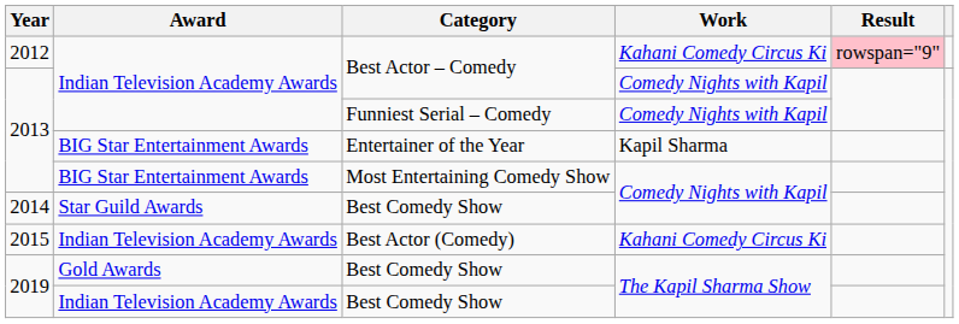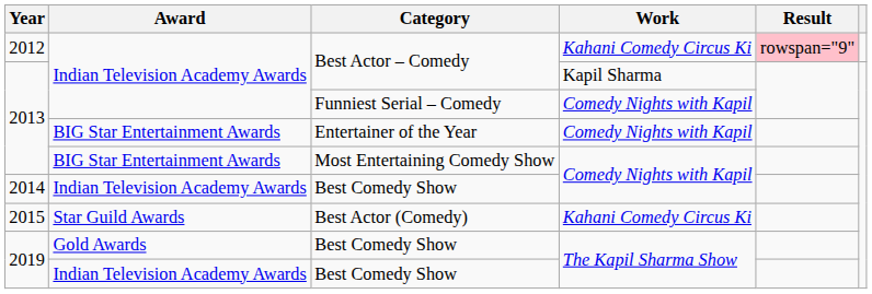 <table class="wikitable sortable">
 <tr>
 <th scope="col">Year</th>
 <th scope="col">Award</th>
 <th scope="col">Category</th>
 <th scope="col">Work</th>
 <th scope="col">Result</th>
 <th scope="col" class="unsortable"></th>
 </tr>
 <tr>
 <td>2012</td>
 <td rowspan="3"><a href='#'>Indian Television Academy Awards</a></td>
 <td rowspan="2">Best Actor – Comedy</td>
 <td><em><a href='#'>Kahani Comedy Circus Ki</a></em></td>
 <td style="background: pink;">rowspan="9" </td>
 <td></td>
 </tr>
 <tr>
 <td rowspan="4">2013</td>
-<td><em><a href='#'>Comedy Nights with Kapil</a></em></td>
+<td>Kapil Sharma</td>
 <td rowspan="2"></td>
 </tr>
 <tr>
 <td>Funniest Serial – Comedy</td>
 <td><em><a href='#'>Comedy Nights with Kapil</a></em></td>
 </tr>
 <tr>
 <td><a href='#'>BIG Star Entertainment Awards</a></td>
 <td>Entertainer of the Year</td>
-<td>Kapil Sharma</td>
+<td><em><a href='#'>Comedy Nights with Kapil</a></em></td>
 <td></td>
 </tr>
 <tr>
 <td><a href='#'>BIG Star Entertainment Awards</a></td>
 <td>Most Entertaining Comedy Show</td>
 <td rowspan="2"><em><a href='#'>Comedy Nights with Kapil</a></em></td>
 <td></td>
 </tr>
 <tr>
 <td>2014</td>
-<td><a href='#'>Star Guild Awards</a></td>
+<td><a href='#'>Indian Television Academy Awards</a></td>
 <td>Best Comedy Show</td>
 <td></td>
 </tr>
 <tr>
 <td>2015</td>
-<td><a href='#'>Indian Television Academy Awards</a></td>
+<td><a href='#'>Star Guild Awards</a></td>
 <td>Best Actor (Comedy)</td>
 <td><em><a href='#'>Kahani Comedy Circus Ki</a></em></td>
 <td></td>
 </tr>
 <tr>
 <td rowspan="2">2019</td>
 <td><a href='#'>Gold Awards</a></td>
 <td>Best Comedy Show</td>
 <td rowspan="2"><em><a href='#'>The Kapil Sharma Show</a></em></td>
 <td></td>
 </tr>
 <tr>
 <td><a href='#'>Indian Television Academy Awards</a></td>
 <td>Best Comedy Show</td>
 <td></td>
 </tr>
 </table>
